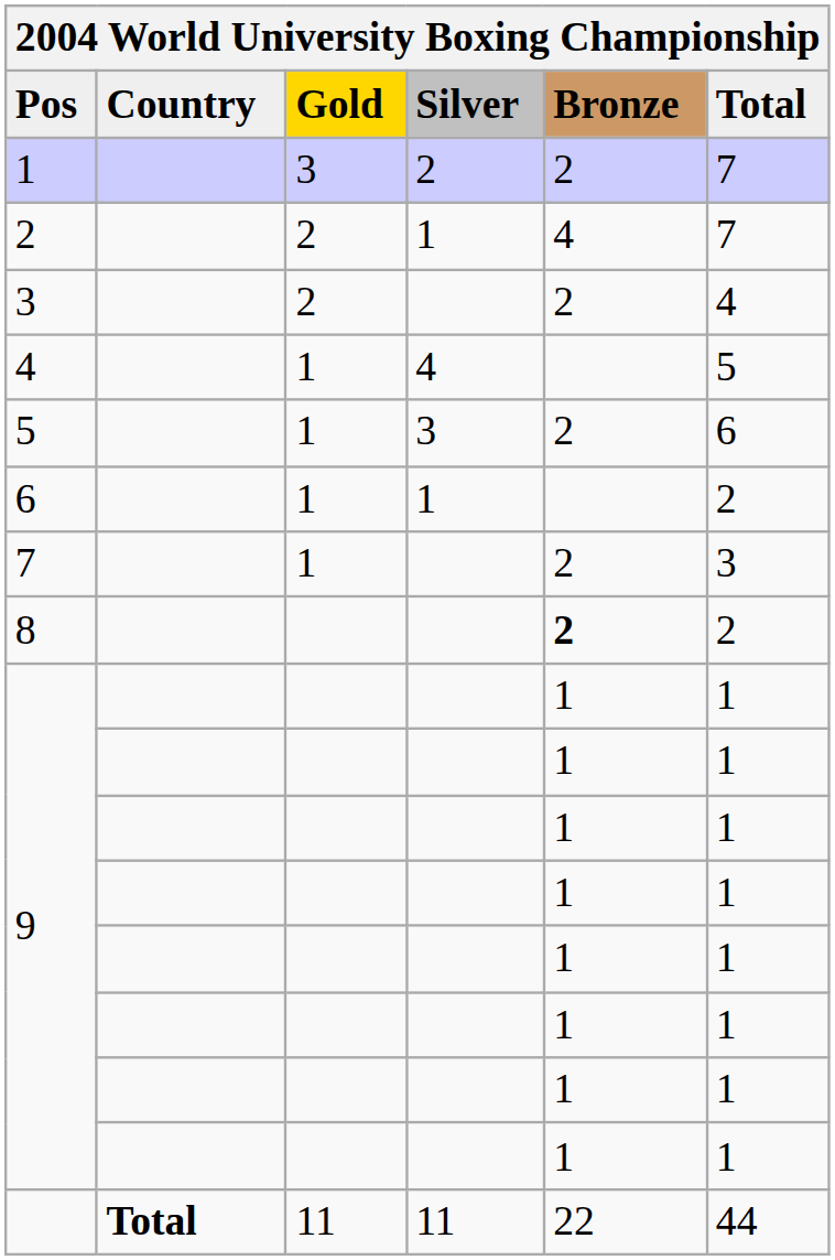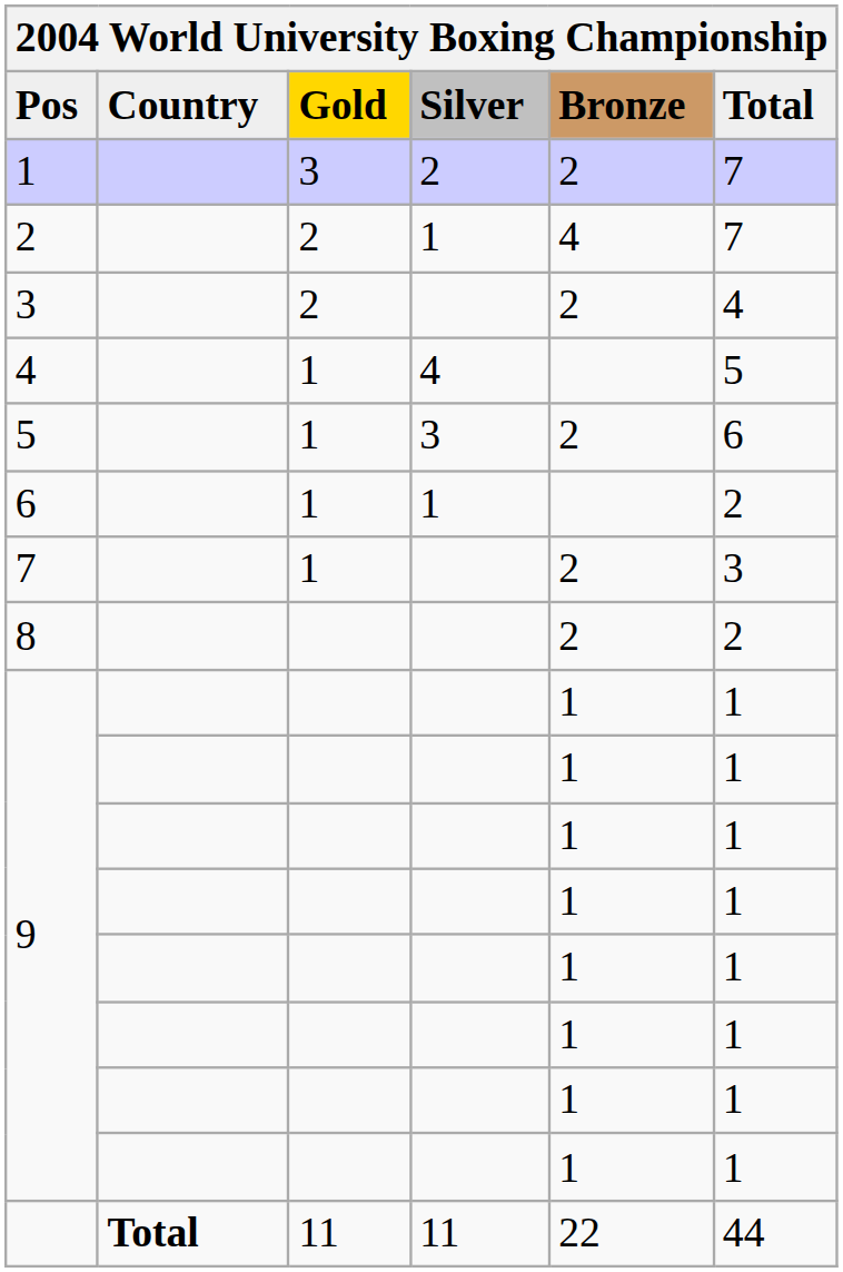 <table class="wikitable">
 <tr bgcolor="#efefef">
 <th colspan=7 style="border-right:0px;";><strong>2004 World University Boxing Championship</strong></th>
 </tr>
 <tr bgcolor="#efefef">
 <td><strong>Pos</strong></td>
 <td><strong>Country</strong></td>
 <td bgcolor="gold"><strong>Gold</strong></td>
 <td bgcolor="silver"><strong>Silver</strong></td>
 <td bgcolor="CC9966"><strong>Bronze</strong></td>
 <td><strong>Total</strong></td>
 </tr>
 <tr style="background:#ccccff">
 <td>1</td>
 <td></td>
 <td>3</td>
 <td>2</td>
 <td>2</td>
 <td>7</td>
 </tr>
 <tr>
 <td>2</td>
 <td></td>
 <td>2</td>
 <td>1</td>
 <td>4</td>
 <td>7</td>
 </tr>
 <tr>
 <td>3</td>
 <td></td>
 <td>2</td>
 <td></td>
 <td>2</td>
 <td>4</td>
 </tr>
 <tr>
 <td>4</td>
 <td></td>
 <td>1</td>
 <td>4</td>
 <td></td>
 <td>5</td>
 </tr>
 <tr>
 <td>5</td>
 <td></td>
 <td>1</td>
 <td>3</td>
 <td>2</td>
 <td>6</td>
 </tr>
 <tr>
 <td>6</td>
 <td></td>
 <td>1</td>
 <td>1</td>
 <td></td>
 <td>2</td>
 </tr>
 <tr>
 <td>7</td>
 <td></td>
 <td>1</td>
 <td></td>
 <td>2</td>
 <td>3</td>
 </tr>
 <tr>
 <td>8</td>
 <td></td>
 <td></td>
 <td></td>
-<td><strong>2</strong></td>
+<td>2</td>
 <td>2</td>
 </tr>
 <tr>
 <td rowspan=8>9</td>
 <td></td>
 <td></td>
 <td></td>
 <td>1</td>
 <td>1</td>
 </tr>
 <tr>
 <td></td>
 <td></td>
 <td></td>
 <td>1</td>
 <td>1</td>
 </tr>
 <tr>
 <td></td>
 <td></td>
 <td></td>
 <td>1</td>
 <td>1</td>
 </tr>
 <tr>
 <td></td>
 <td></td>
 <td></td>
 <td>1</td>
 <td>1</td>
 </tr>
 <tr>
 <td></td>
 <td></td>
 <td></td>
 <td>1</td>
 <td>1</td>
 </tr>
 <tr>
 <td></td>
 <td></td>
 <td></td>
 <td>1</td>
 <td>1</td>
 </tr>
 <tr>
 <td></td>
 <td></td>
 <td></td>
 <td>1</td>
 <td>1</td>
 </tr>
 <tr>
 <td></td>
 <td></td>
 <td></td>
 <td>1</td>
 <td>1</td>
 </tr>
 <tr>
 <td></td>
 <td><strong>Total</strong></td>
 <td>11</td>
 <td>11</td>
 <td>22</td>
 <td>44</td>
 </tr>
 </table>
